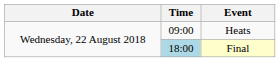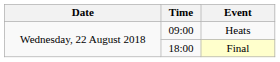 <table class = "wikitable" style="text-align:center;">
 <tr>
 <th width=220>Date</th>
 <th width=50>Time</th>
 <th width=100>Event</th>
 </tr>
 <tr>
 <td rowspan=2>Wednesday, 22 August 2018</td>
 <td>09:00</td>
 <td>Heats</td>
 </tr>
 <tr>
-<td style="background: lightblue;">18:00</td>
+<td>18:00</td>
 <td bgcolor=ffffcc>Final</td>
 </tr>
 </table>
